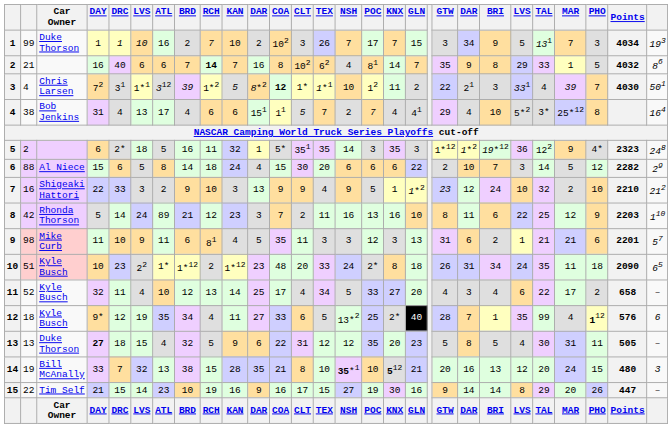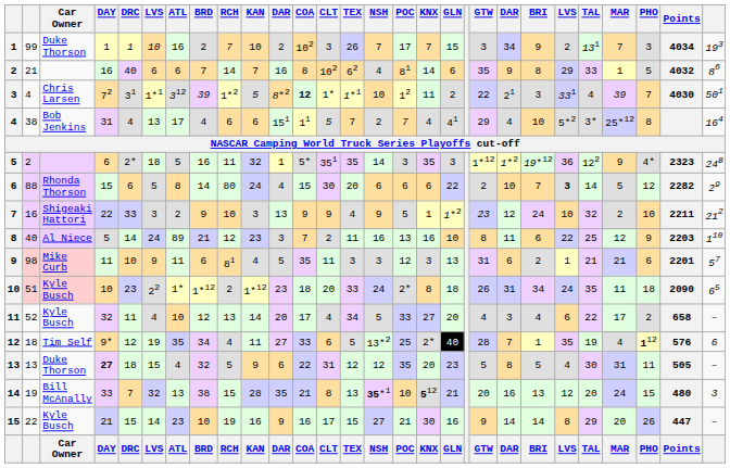 <table class="wikitable" style="font-size:77%; text-align:center;">
 <tr valign="top">
 <th valign="middle"></th>
 <th valign="middle"></th>
 <th valign="middle">Car Owner</th>
 <th><a href='#'>DAY</a></th>
 <th><a href='#'>DRC</a></th>
 <th><a href='#'>LVS</a></th>
 <th><a href='#'>ATL</a></th>
 <th><a href='#'>BRD</a></th>
 <th><a href='#'>RCH</a></th>
 <th><a href='#'>KAN</a></th>
 <th><a href='#'>DAR</a></th>
 <th><a href='#'>COA</a></th>
 <th><a href='#'>CLT</a></th>
 <th><a href='#'>TEX</a></th>
 <th><a href='#'>NSH</a></th>
 <th><a href='#'>POC</a></th>
 <th><a href='#'>KNX</a></th>
 <th><a href='#'>GLN</a></th>
 <th rowspan=5></th>
 <th><a href='#'>GTW</a></th>
 <th><a href='#'>DAR</a></th>
 <th><a href='#'>BRI</a></th>
 <th><a href='#'>LVS</a></th>
 <th><a href='#'>TAL</a></th>
 <th><a href='#'>MAR</a></th>
 <th><a href='#'>PHO</a></th>
 <th valign="middle"><a href='#'>Points</a></th>
 <th valign="middle"></th>
 </tr>
 <tr>
 <th>1</th>
 <td align="left">99</td>
 <td align="left"><a href='#'>Duke Thorson</a></td>
 <td style="background:#ffffbf">1</td>
 <td style="background:#ffffbf"><em>1</em></td>
 <td style="background:#ffdf9f"><em>10</em></td>
 <td style="background:#dfffdf">16</td>
 <td style="background:#dfdfdf">2</td>
 <td style="background:#ffdf9f"><em>7</em></td>
 <td style="background:#ffdf9f">10</td>
 <td style="background:#dfdfdf">2</td>
 <td style="background:#ffdf9f">10<sup>2</sup></td>
 <td style="background:#dfdfdf">3</td>
 <td style="background:#cfcfff">26</td>
 <td style="background:#ffdf9f">7</td>
 <td style="background:#dfffdf">17</td>
 <td style="background:#ffdf9f">7</td>
 <td style="background:#dfffdf">15</td>
 <td style="background:#dfdfdf">3</td>
 <td style="background:#cfcfff">34</td>
 <td style="background:#ffdf9f">9</td>
-<td style="background:#dfdfdf">5</td>
+<td style="background:#dfdfdf">2</td>
 <td style="background:#dfffdf"><em>13</em><sup>1</sup></td>
 <td style="background:#ffdf9f">7</td>
 <td style="background:#dfdfdf">3</td>
 <th>4034</th>
 <td><em>19<sup>3</sup></em></td>
 </tr>
 <tr>
 <th>2</th>
 <td align="left">21</td>
 <td align="left"></td>
 <td style="background:#dfffdf">16</td>
 <td style="background:#efcfff">40</td>
 <td style="background:#ffdf9f">6</td>
 <td style="background:#ffdf9f">6</td>
 <td style="background:#ffdf9f">7</td>
-<td style="background:#dfffdf"><strong>14</strong></td>
+<td style="background:#dfffdf">14</td>
 <td style="background:#ffdf9f">7</td>
 <td style="background:#dfffdf">16</td>
 <td style="background:#ffdf9f">8</td>
 <td style="background:#ffdf9f">10<sup>2</sup></td>
 <td style="background:#ffdf9f">6<sup>2</sup></td>
 <td style="background:#dfdfdf">4</td>
 <td style="background:#ffdf9f">8<sup>1</sup></td>
 <td style="background:#dfffdf">14</td>
-<td style="background:#ffdf9f">7</td>
+<td style="background:#ffdf9f">6</td>
 <td style="background:#efcfff">35</td>
 <td style="background:#ffdf9f">9</td>
 <td style="background:#ffdf9f">8</td>
 <td style="background:#cfcfff">29</td>
 <td style="background:#efcfff">33</td>
 <td style="background:#ffffbf">1</td>
 <td style="background:#dfdfdf">5</td>
 <th>4032</th>
 <td><em>8<sup>6</sup></em></td>
 </tr>
 <tr>
 <th>3</th>
 <td align="left">4</td>
 <td align="left"><a href='#'>Chris Larsen</a></td>
 <td style="background:#ffdf9f">7<sup>2</sup></td>
 <td style="background:#dfdfdf">3<sup>1</sup></td>
 <td style="background:#ffffbf">1*<sup>1</sup></td>
 <td style="background:#dfdfdf"><em>3</em><sup>12</sup></td>
 <td style="background:#efcfff"><em>39</em></td>
 <td style="background:#ffffbf">1*<sup>2</sup></td>
 <td style="background:#dfdfdf"><em>5</em></td>
 <td style="background:#ffdf9f"><em>8</em>*<sup>2</sup></td>
 <td style="background:#dfffdf"><strong>12</strong></td>
 <td style="background:#ffffbf">1*</td>
 <td style="background:#ffffbf"><em>1</em>*<sup>1</sup></td>
 <td style="background:#ffdf9f">10</td>
 <td style="background:#ffffbf">1<sup>2</sup></td>
 <td style="background:#dfffdf">11</td>
 <td style="background:#dfdfdf">2</td>
 <td style="background:#cfcfff">22</td>
 <td style="background:#dfdfdf">2<sup>1</sup></td>
 <td style="background:#dfdfdf">3</td>
 <td style="background:#cfcfff"><em>33</em><sup>1</sup></td>
 <td style="background:#dfdfdf">4</td>
 <td style="background:#efcfff"><em>39</em></td>
 <td style="background:#ffdf9f">7</td>
 <th>4030</th>
 <td><em>50<sup>1</sup></em></td>
 </tr>
 <tr>
 <th>4</th>
 <td align="left">38</td>
 <td align="left"><a href='#'>Bob Jenkins</a></td>
 <td style="background:#efcfff">31</td>
 <td style="background:#dfdfdf">4</td>
 <td style="background:#dfffdf">13</td>
 <td style="background:#dfffdf">17</td>
 <td style="background:#dfdfdf">4</td>
 <td style="background:#ffdf9f">6</td>
 <td style="background:#ffdf9f">6</td>
 <td style="background:#dfffdf">15<sup>1</sup></td>
 <td style="background:#ffffbf">1<sup>1</sup></td>
 <td style="background:#dfdfdf"><em>5</em></td>
 <td style="background:#ffdf9f">7</td>
 <td style="background:#dfdfdf">2</td>
 <td style="background:#ffdf9f"><em>7</em></td>
 <td style="background:#dfdfdf">4</td>
 <td style="background:#dfdfdf">4<sup>1</sup></td>
 <td style="background:#efcfff">29</td>
 <td style="background:#dfdfdf">4</td>
 <td style="background:#ffdf9f">10</td>
 <td style="background:#dfdfdf">5*<sup>2</sup></td>
 <td style="background:#dfdfdf">3*</td>
 <td style="background:#cfcfff">25*<sup>12</sup></td>
 <td style="background:#ffdf9f">8</td>
 <th></th>
 <td><em>16<sup>4</sup></em></td>
 </tr>
 <tr>
 <th colspan="29"><a href='#'>NASCAR Camping World Truck Series Playoffs</a> cut-off</th>
 </tr>
 <tr>
 <th>5</th>
 <td style="background:#efcfff" align="left">2</td>
 <td style="background:#efcfff" align="left"></td>
 <td style="background:#ffdf9f">6</td>
 <td style="background:#dfdfdf">2*</td>
 <td style="background:#dfffdf">18</td>
 <td style="background:#dfdfdf">5</td>
 <td style="background:#dfffdf">16</td>
 <td style="background:#dfffdf">11</td>
 <td style="background:#cfcfff">32</td>
 <td style="background:#ffffbf">1</td>
 <td style="background:#dfdfdf">5*</td>
 <td style="background:#efcfff">35<sup>1</sup></td>
 <td style="background:#efcfff">35</td>
 <td style="background:#dfffdf">14</td>
 <td style="background:#dfdfdf">3</td>
 <td style="background:#efcfff">35</td>
 <td style="background:#dfdfdf">3</td>
 <th rowspan=37></th>
 <td style="background:#ffffbf">1*<sup>12</sup></td>
 <td style="background:#ffffbf"><em>1</em>*<sup>2</sup></td>
 <td style="background:#dfffdf"><em>19</em>*<sup>12</sup></td>
 <td style="background:#efcfff">36</td>
 <td style="background:#dfffdf">12<sup>2</sup></td>
 <td style="background:#ffdf9f">9</td>
 <td style="background:#dfdfdf">4*</td>
 <th>2323</th>
 <td><em>24<sup>8</sup></em></td>
 </tr>
 <tr>
 <th>6</th>
 <td style="background:#efcfff" align="left">88</td>
-<td style="background:#efcfff" align="left"><a href='#'>Al Niece</a></td>
+<td style="background:#efcfff" align="left"><a href='#'>Rhonda Thorson</a></td>
 <td style="background:#dfffdf">15</td>
 <td style="background:#ffdf9f">6</td>
 <td style="background:#dfdfdf">5</td>
 <td style="background:#ffdf9f">8</td>
 <td style="background:#dfffdf">14</td>
-<td style="background:#dfffdf">18</td>
+<td style="background:#dfffdf">80</td>
 <td style="background:#cfcfff">24</td>
 <td style="background:#dfdfdf">4</td>
 <td style="background:#dfffdf">15</td>
 <td style="background:#efcfff">30</td>
 <td style="background:#dfffdf">20</td>
 <td style="background:#ffdf9f">6</td>
 <td style="background:#ffdf9f">6</td>
 <td style="background:#ffdf9f">6</td>
 <td style="background:#cfcfff">22</td>
 <td style="background:#dfdfdf">2</td>
 <td style="background:#ffdf9f">10</td>
 <td style="background:#ffdf9f">7</td>
-<td style="background:#dfdfdf">3</td>
+<td style="background:#dfdfdf"><strong>3</strong></td>
 <td style="background:#dfffdf">14</td>
 <td style="background:#dfdfdf">5</td>
 <td style="background:#dfffdf">12</td>
 <th>2282</th>
 <td><em>2<sup>9</sup></em></td>
 </tr>
 <tr>
 <th>7</th>
 <td style="background:#efcfff" align="left">16</td>
 <td style="background:#efcfff" align="left"><a href='#'>Shigeaki Hattori</a></td>
 <td style="background:#cfcfff">22</td>
 <td style="background:#cfcfff">33</td>
 <td style="background:#dfdfdf">3</td>
 <td style="background:#dfdfdf">2</td>
 <td style="background:#ffdf9f">9</td>
 <td style="background:#ffdf9f">10</td>
 <td style="background:#dfdfdf">3</td>
 <td style="background:#dfffdf">13</td>
 <td style="background:#ffdf9f">9</td>
 <td style="background:#ffdf9f">9</td>
 <td style="background:#dfdfdf">4</td>
 <td style="background:#ffdf9f">9</td>
 <td style="background:#dfdfdf">5</td>
 <td style="background:#ffffbf">1</td>
 <td style="background:#ffffbf"><em>1</em>*<sup>2</sup></td>
 <td style="background:#cfcfff"><em>23</em></td>
 <td style="background:#dfffdf">12</td>
 <td style="background:#efcfff">24</td>
 <td style="background:#ffdf9f">10</td>
 <td style="background:#efcfff">32</td>
 <td style="background:#dfdfdf">2</td>
 <td style="background:#ffdf9f">10</td>
-<th>2210</th>
+<th>2211</th>
 <td><em>21<sup>2</sup></em></td>
 </tr>
 <tr>
 <th>8</th>
-<td style="background:#efcfff" align="left">42</td>
-<td style="background:#efcfff" align="left"><a href='#'>Rhonda Thorson</a></td>
+<td style="background:#efcfff" align="left">40</td>
+<td style="background:#efcfff" align="left"><a href='#'>Al Niece</a></td>
 <td style="background:#dfdfdf">5</td>
 <td style="background:#dfffdf">14</td>
 <td style="background:#cfcfff">24</td>
 <td style="background:#dfffdf">89</td>
 <td style="background:#cfcfff">21</td>
 <td style="background:#dfffdf">12</td>
 <td style="background:#cfcfff">23</td>
 <td style="background:#dfdfdf">3</td>
 <td style="background:#ffdf9f">7</td>
 <td style="background:#dfdfdf">2</td>
 <td style="background:#dfffdf">11</td>
 <td style="background:#dfffdf">16</td>
 <td style="background:#dfffdf">13</td>
 <td style="background:#dfffdf">16</td>
 <td style="background:#ffdf9f">10</td>
 <td style="background:#ffdf9f">8</td>
 <td style="background:#dfffdf">11</td>
 <td style="background:#ffdf9f">6</td>
 <td style="background:#cfcfff">22</td>
 <td style="background:#efcfff">25</td>
 <td style="background:#dfffdf">12</td>
 <td style="background:#ffdf9f">9</td>
 <th>2203</th>
 <td><em>1<sup>10</sup></em></td>
 </tr>
 <tr>
 <th>9</th>
 <td style="background:#ffcfcf" align="left">98</td>
 <td style="background:#ffcfcf" align="left"><a href='#'>Mike Curb</a></td>
 <td style="background:#dfffdf">11</td>
 <td style="background:#ffdf9f">10</td>
 <td style="background:#ffdf9f">9</td>
 <td style="background:#dfffdf">11</td>
 <td style="background:#ffdf9f">6</td>
 <td style="background:#ffdf9f">8<sup>1</sup></td>
 <td style="background:#dfdfdf">4</td>
 <td style="background:#dfdfdf">5</td>
 <td style="background:#efcfff">35</td>
 <td style="background:#dfffdf">11</td>
 <td style="background:#dfdfdf">3</td>
 <td style="background:#dfdfdf">3</td>
 <td style="background:#dfffdf">12</td>
 <td style="background:#dfdfdf">3</td>
 <td style="background:#dfffdf">13</td>
 <td style="background:#efcfff">31</td>
 <td style="background:#ffdf9f">6</td>
 <td style="background:#dfdfdf">2</td>
 <td style="background:#ffffbf">1</td>
 <td style="background:#efcfff">21</td>
 <td style="background:#cfcfff">21</td>
 <td style="background:#ffdf9f">6</td>
 <th>2201</th>
 <td><em>5<sup>7</sup></em></td>
 </tr>
 <tr>
 <th>10</th>
 <td style="background:#ffcfcf" align="left">51</td>
 <td style="background:#ffcfcf" align="left"><a href='#'>Kyle Busch</a></td>
 <td style="background:#ffdf9f">10</td>
 <td style="background:#cfcfff">23</td>
 <td style="background:#dfdfdf">2<sup>2</sup></td>
 <td style="background:#ffffbf">1*</td>
 <td style="background:#ffffbf">1*<sup>12</sup></td>
 <td style="background:#dfdfdf">2</td>
 <td style="background:#ffffbf">1*<sup>12</sup></td>
 <td style="background:#efcfff">23</td>
-<td style="background:#dfffdf">48</td>
+<td style="background:#dfffdf">18</td>
 <td style="background:#dfffdf">20</td>
 <td style="background:#efcfff">33</td>
 <td style="background:#cfcfff">24</td>
 <td style="background:#dfdfdf">2*</td>
 <td style="background:#ffdf9f">8</td>
 <td style="background:#dfffdf">18</td>
 <td style="background:#cfcfff">26</td>
 <td style="background:#cfcfff">31</td>
 <td style="background:#efcfff">34</td>
 <td style="background:#cfcfff">24</td>
 <td style="background:#efcfff">35</td>
 <td style="background:#dfffdf">11</td>
 <td style="background:#dfffdf">18</td>
 <th>2090</th>
 <td><em>6<sup>5</sup></em></td>
 </tr>
 <tr>
 <th>11</th>
 <td align="left">52</td>
 <td align="left"><a href='#'>Kyle Busch</a></td>
 <td style="background:#efcfff">32</td>
 <td style="background:#dfffdf">11</td>
 <td style="background:#dfdfdf">4</td>
 <td style="background:#ffdf9f">10</td>
 <td style="background:#dfffdf">12</td>
 <td style="background:#dfffdf">13</td>
 <td style="background:#dfffdf">14</td>
-<td style="background:#efcfff">25</td>
+<td style="background:#efcfff">20</td>
 <td style="background:#dfffdf">17</td>
 <td style="background:#dfdfdf">4</td>
 <td style="background:#efcfff">34</td>
 <td style="background:#dfdfdf">5</td>
 <td style="background:#cfcfff">33</td>
 <td style="background:#cfcfff">27</td>
 <td style="background:#dfffdf">20</td>
 <td style="background:#dfdfdf">4</td>
 <td style="background:#dfdfdf">3</td>
 <td style="background:#dfdfdf">4</td>
 <td style="background:#ffdf9f">6</td>
 <td style="background:#efcfff">22</td>
 <td style="background:#dfffdf">17</td>
 <td style="background:#dfdfdf">2</td>
 <th>658</th>
 <td><em>–</em></td>
 </tr>
 <tr>
 <th>12</th>
 <td align="left">18</td>
-<td align="left"><a href='#'>Kyle Busch</a></td>
+<td align="left"><a href='#'>Tim Self</a></td>
 <td style="background:#ffdf9f">9*</td>
 <td style="background:#dfffdf">12</td>
 <td style="background:#dfffdf">19</td>
 <td style="background:#cfcfff">35</td>
 <td style="background:#efcfff">34</td>
 <td style="background:#dfdfdf">4</td>
 <td style="background:#dfffdf">11</td>
 <td style="background:#efcfff">27</td>
 <td style="background:#cfcfff">33</td>
 <td style="background:#ffdf9f">6</td>
 <td style="background:#dfdfdf">5</td>
 <td style="background:#dfffdf">13*<sup>2</sup></td>
 <td style="background:#cfcfff">25</td>
 <td style="background:#dfdfdf">2*</td>
 <td style="background:#000000; color:white;">40</td>
 <td style="background:#cfcfff">28</td>
 <td style="background:#ffdf9f">7</td>
 <td style="background:#ffffbf">1</td>
 <td style="background:#efcfff">35</td>
-<td style="background:#dfffdf">99</td>
+<td style="background:#dfffdf">19</td>
 <td style="background:#dfdfdf">4</td>
 <td style="background:#ffffbf"><strong>1</strong><sup>12</sup></td>
 <th>576</th>
 <td><em>6</em></td>
 </tr>
 <tr>
 <th>13</th>
 <td align="left">13</td>
 <td align="left"><a href='#'>Duke Thorson</a></td>
 <td style="background:#efcfff"><strong>27</strong></td>
 <td style="background:#dfffdf">18</td>
 <td style="background:#dfffdf">15</td>
 <td style="background:#dfdfdf">4</td>
 <td style="background:#efcfff">32</td>
 <td style="background:#dfdfdf">5</td>
 <td style="background:#ffdf9f">9</td>
 <td style="background:#ffdf9f">6</td>
 <td style="background:#cfcfff">22</td>
 <td style="background:#efcfff">31</td>
 <td style="background:#dfffdf">12</td>
 <td style="background:#dfffdf">12</td>
 <td style="background:#cfcfff">35</td>
 <td style="background:#dfffdf">20</td>
 <td style="background:#cfcfff">23</td>
 <td style="background:#dfdfdf">5</td>
 <td style="background:#ffdf9f">8</td>
 <td style="background:#dfdfdf">5</td>
 <td style="background:#dfdfdf">4</td>
 <td style="background:#efcfff">30</td>
 <td style="background:#cfcfff">31</td>
 <td style="background:#dfffdf">11</td>
 <th>505</th>
 <td><em>–</em></td>
 </tr>
 <tr>
 <th>14</th>
 <td align="left">19</td>
 <td align="left"><a href='#'>Bill McAnally</a></td>
 <td style="background:#efcfff">33</td>
 <td style="background:#ffdf9f">7</td>
 <td style="background:#cfcfff">32</td>
 <td style="background:#dfffdf">13</td>
 <td style="background:#efcfff">38</td>
 <td style="background:#dfffdf">15</td>
 <td style="background:#cfcfff">28</td>
 <td style="background:#cfcfff">35</td>
 <td style="background:#cfcfff">21</td>
 <td style="background:#ffdf9f">8</td>
-<td style="background:#dfffdf">10</td>
+<td style="background:#dfffdf">13</td>
 <td style="background:#efcfff"><strong>35</strong>*<sup>1</sup></td>
 <td style="background:#ffdf9f">10</td>
 <td style="background:#dfdfdf"><strong>5</strong><sup>12</sup></td>
 <td style="background:#cfcfff">21</td>
 <td style="background:#dfffdf">20</td>
 <td style="background:#dfffdf">16</td>
 <td style="background:#dfffdf">13</td>
 <td style="background:#dfffdf">12</td>
 <td style="background:#dfffdf">20</td>
 <td style="background:#cfcfff">24</td>
 <td style="background:#dfffdf">15</td>
 <th>480</th>
 <td><em>3</em></td>
 </tr>
 <tr>
 <th>15</th>
 <td align="left">22</td>
-<td align="left"><a href='#'>Tim Self</a></td>
+<td align="left"><a href='#'>Kyle Busch</a></td>
 <td style="background:#cfcfff">21</td>
 <td style="background:#dfffdf">15</td>
 <td style="background:#dfffdf">14</td>
 <td style="background:#cfcfff">23</td>
 <td style="background:#ffdf9f">10</td>
 <td style="background:#dfffdf">19</td>
 <td style="background:#dfffdf">16</td>
 <td style="background:#ffdf9f">9</td>
 <td style="background:#dfffdf">16</td>
 <td style="background:#dfffdf">17</td>
 <td style="background:#dfffdf">15</td>
 <td style="background:#cfcfff">27</td>
-<td style="background:#dfffdf">19</td>
+<td style="background:#dfffdf">21</td>
 <td style="background:#efcfff">30</td>
 <td style="background:#dfffdf">16</td>
 <td style="background:#ffdf9f">9</td>
 <td style="background:#dfffdf">14</td>
 <td style="background:#dfffdf">14</td>
 <td style="background:#ffdf9f">8</td>
 <td style="background:#efcfff">29</td>
 <td style="background:#dfffdf">20</td>
 <td style="background:#cfcfff">26</td>
 <th>447</th>
 <td><em>–</em></td>
 </tr>
 <tr>
 <th valign="middle"></th>
 <th valign="middle"></th>
 <th valign="middle">Car Owner</th>
 <th><a href='#'>DAY</a></th>
 <th><a href='#'>DRC</a></th>
 <th><a href='#'>LVS</a></th>
 <th><a href='#'>ATL</a></th>
 <th><a href='#'>BRD</a></th>
 <th><a href='#'>RCH</a></th>
 <th><a href='#'>KAN</a></th>
 <th><a href='#'>DAR</a></th>
 <th><a href='#'>COA</a></th>
 <th><a href='#'>CLT</a></th>
 <th><a href='#'>TEX</a></th>
 <th><a href='#'>NSH</a></th>
 <th><a href='#'>POC</a></th>
 <th><a href='#'>KNX</a></th>
 <th><a href='#'>GLN</a></th>
 <th><a href='#'>GTW</a></th>
 <th><a href='#'>DAR</a></th>
 <th><a href='#'>BRI</a></th>
 <th><a href='#'>LVS</a></th>
 <th><a href='#'>TAL</a></th>
 <th><a href='#'>MAR</a></th>
 <th><a href='#'>PHO</a></th>
 <th valign="middle"><a href='#'>Points</a></th>
 <th valign="middle"></th>
 </tr>
 </table>
